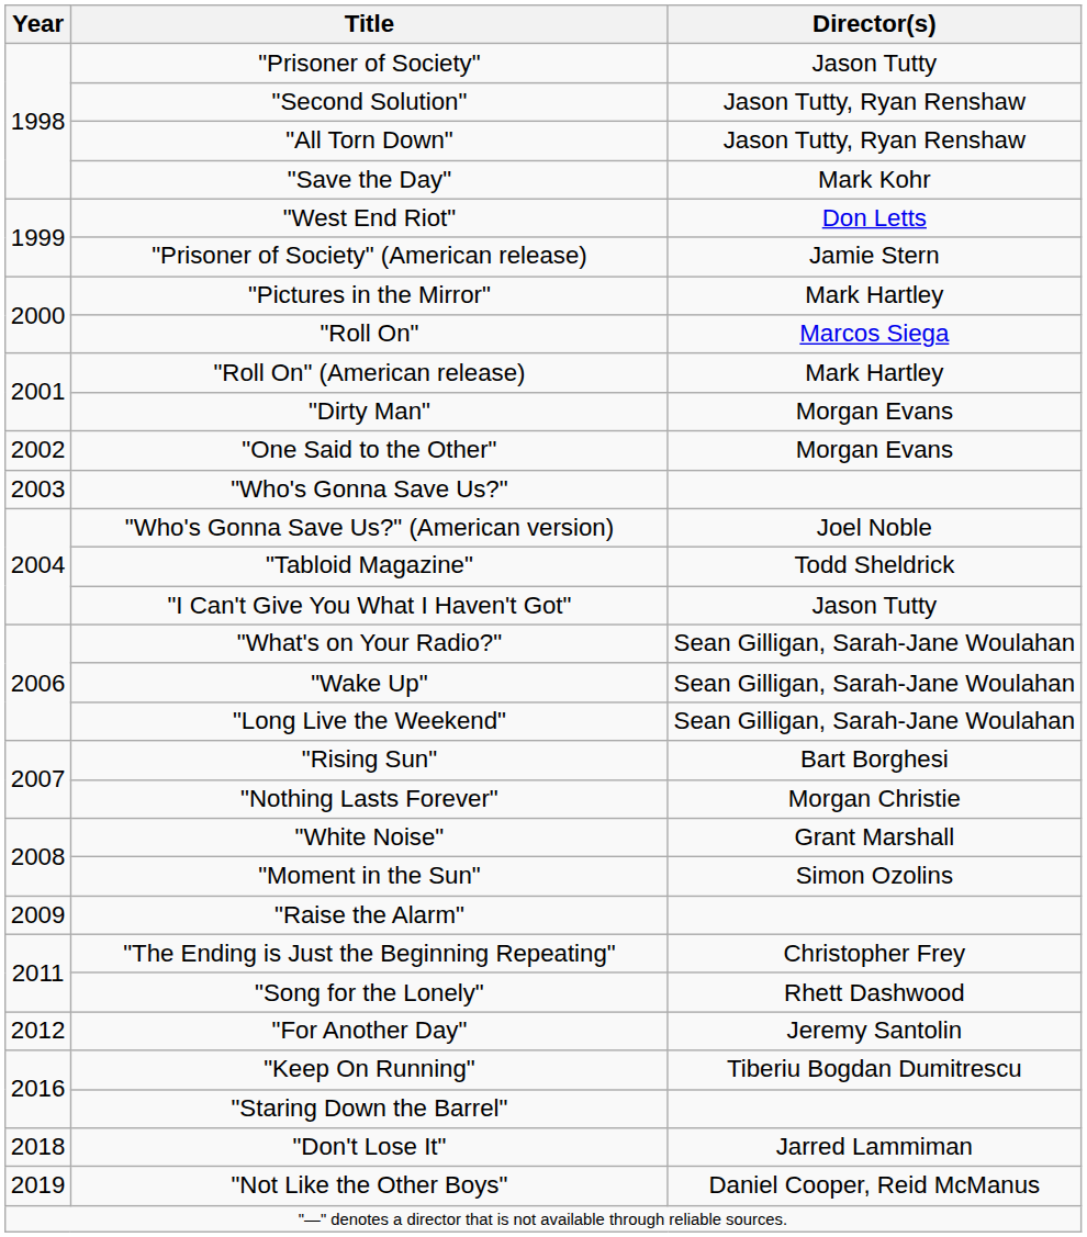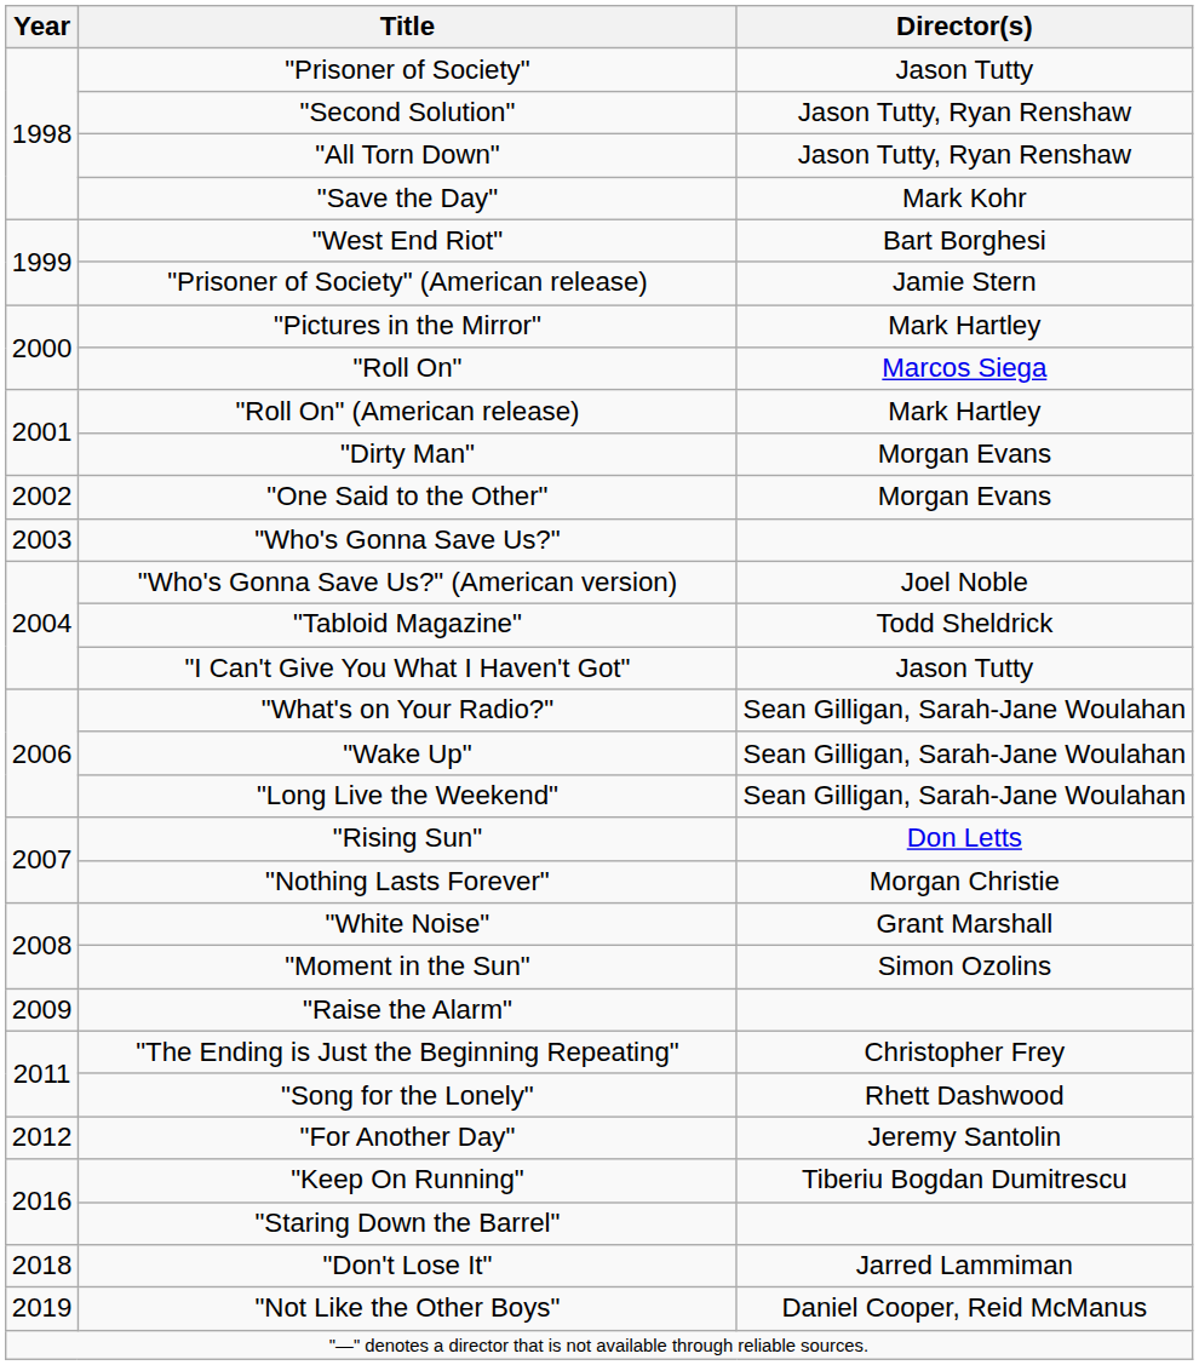 <table class="wikitable plainrowheaders" style="text-align:center;" border="1">
 <tr>
 <th scope="col">Year</th>
 <th scope="col" style="width:24em;">Title</th>
 <th scope="col">Director(s)</th>
 </tr>
 <tr>
 <td rowspan="4">1998</td>
 <td>"Prisoner of Society"</td>
 <td>Jason Tutty</td>
 </tr>
 <tr>
 <td>"Second Solution"</td>
 <td>Jason Tutty, Ryan Renshaw</td>
 </tr>
 <tr>
 <td>"All Torn Down"</td>
 <td>Jason Tutty, Ryan Renshaw</td>
 </tr>
 <tr>
 <td>"Save the Day"</td>
 <td>Mark Kohr</td>
 </tr>
 <tr>
 <td rowspan="2">1999</td>
 <td>"West End Riot"</td>
-<td><a href='#'>Don Letts</a></td>
+<td>Bart Borghesi</td>
 </tr>
 <tr>
 <td>"Prisoner of Society" (American release)</td>
 <td>Jamie Stern</td>
 </tr>
 <tr>
 <td rowspan="2">2000</td>
 <td>"Pictures in the Mirror"</td>
 <td>Mark Hartley</td>
 </tr>
 <tr>
 <td>"Roll On"</td>
 <td><a href='#'>Marcos Siega</a></td>
 </tr>
 <tr>
 <td rowspan="2">2001</td>
 <td>"Roll On" (American release)</td>
 <td>Mark Hartley</td>
 </tr>
 <tr>
 <td>"Dirty Man"</td>
 <td>Morgan Evans</td>
 </tr>
 <tr>
 <td>2002</td>
 <td>"One Said to the Other"</td>
 <td>Morgan Evans</td>
 </tr>
 <tr>
 <td>2003</td>
 <td>"Who's Gonna Save Us?"</td>
 <td></td>
 </tr>
 <tr>
 <td rowspan="3">2004</td>
 <td>"Who's Gonna Save Us?" (American version)</td>
 <td>Joel Noble</td>
 </tr>
 <tr>
 <td>"Tabloid Magazine"</td>
 <td>Todd Sheldrick</td>
 </tr>
 <tr>
 <td>"I Can't Give You What I Haven't Got"</td>
 <td>Jason Tutty</td>
 </tr>
 <tr>
 <td rowspan="3">2006</td>
 <td>"What's on Your Radio?"</td>
 <td>Sean Gilligan, Sarah-Jane Woulahan</td>
 </tr>
 <tr>
 <td>"Wake Up"</td>
 <td>Sean Gilligan, Sarah-Jane Woulahan</td>
 </tr>
 <tr>
 <td>"Long Live the Weekend"</td>
 <td>Sean Gilligan, Sarah-Jane Woulahan</td>
 </tr>
 <tr>
 <td rowspan="2">2007</td>
 <td>"Rising Sun"</td>
-<td>Bart Borghesi</td>
+<td><a href='#'>Don Letts</a></td>
 </tr>
 <tr>
 <td>"Nothing Lasts Forever"</td>
 <td>Morgan Christie</td>
 </tr>
 <tr>
 <td rowspan="2">2008</td>
 <td>"White Noise"</td>
 <td>Grant Marshall</td>
 </tr>
 <tr>
 <td>"Moment in the Sun"</td>
 <td>Simon Ozolins</td>
 </tr>
 <tr>
 <td>2009</td>
 <td>"Raise the Alarm"</td>
 <td></td>
 </tr>
 <tr>
 <td rowspan="2">2011</td>
 <td>"The Ending is Just the Beginning Repeating"</td>
 <td>Christopher Frey</td>
 </tr>
 <tr>
 <td>"Song for the Lonely"</td>
 <td>Rhett Dashwood</td>
 </tr>
 <tr>
 <td>2012</td>
 <td>"For Another Day"</td>
 <td>Jeremy Santolin</td>
 </tr>
 <tr>
 <td rowspan="2">2016</td>
 <td>"Keep On Running"</td>
 <td>Tiberiu Bogdan Dumitrescu</td>
 </tr>
 <tr>
 <td>"Staring Down the Barrel"</td>
 <td></td>
 </tr>
 <tr>
 <td>2018</td>
 <td>"Don't Lose It"</td>
 <td>Jarred Lammiman</td>
 </tr>
 <tr>
 <td>2019</td>
 <td>"Not Like the Other Boys"</td>
 <td>Daniel Cooper, Reid McManus</td>
 </tr>
 <tr>
 <td align="center" colspan="3" style="font-size: 8pt">"—" denotes a director that is not available through reliable sources.</td>
 </tr>
 </table>
